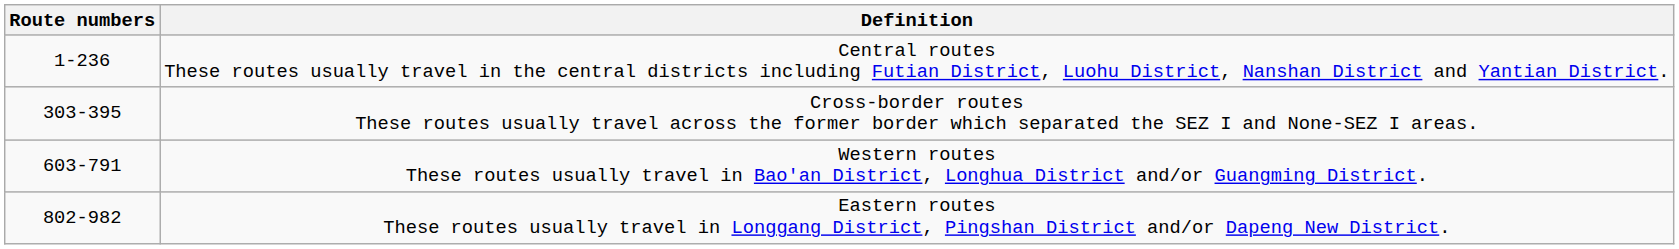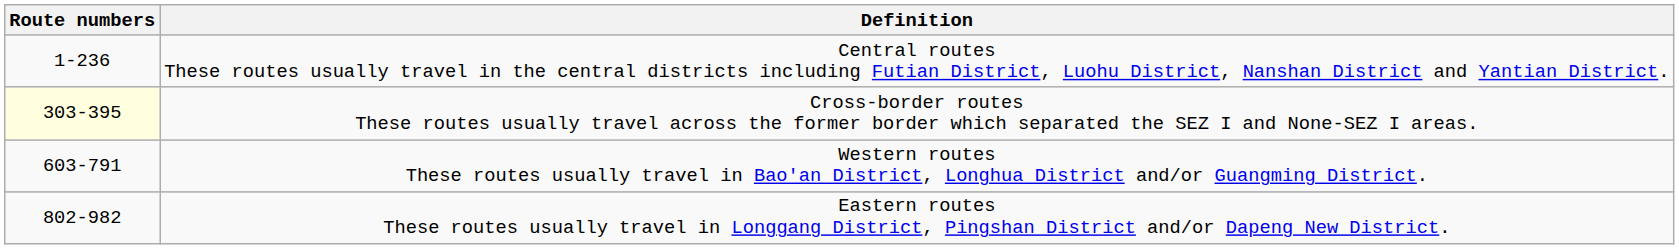 <table class="wikitable" style="text-align: center;">
 <tr>
 <th>Route numbers</th>
 <th>Definition</th>
 </tr>
 <tr>
 <td>1-236</td>
 <td>Central routes<br>These routes usually travel in the central districts including <a href='#'>Futian District</a>, <a href='#'>Luohu District</a>, <a href='#'>Nanshan District</a> and <a href='#'>Yantian District</a>.</td>
 </tr>
 <tr>
-<td>303-395</td>
+<td style="background: lightyellow;">303-395</td>
 <td>Cross-border routes<br>These routes usually travel across the former border which separated the SEZ I and None-SEZ I areas.</td>
 </tr>
 <tr>
 <td>603-791</td>
 <td>Western routes<br>These routes usually travel in <a href='#'>Bao'an District</a>, <a href='#'>Longhua District</a> and/or <a href='#'>Guangming District</a>.</td>
 </tr>
 <tr>
 <td>802-982</td>
 <td>Eastern routes<br>These routes usually travel in <a href='#'>Longgang District</a>, <a href='#'>Pingshan District</a> and/or <a href='#'>Dapeng New District</a>.</td>
 </tr>
 </table>
